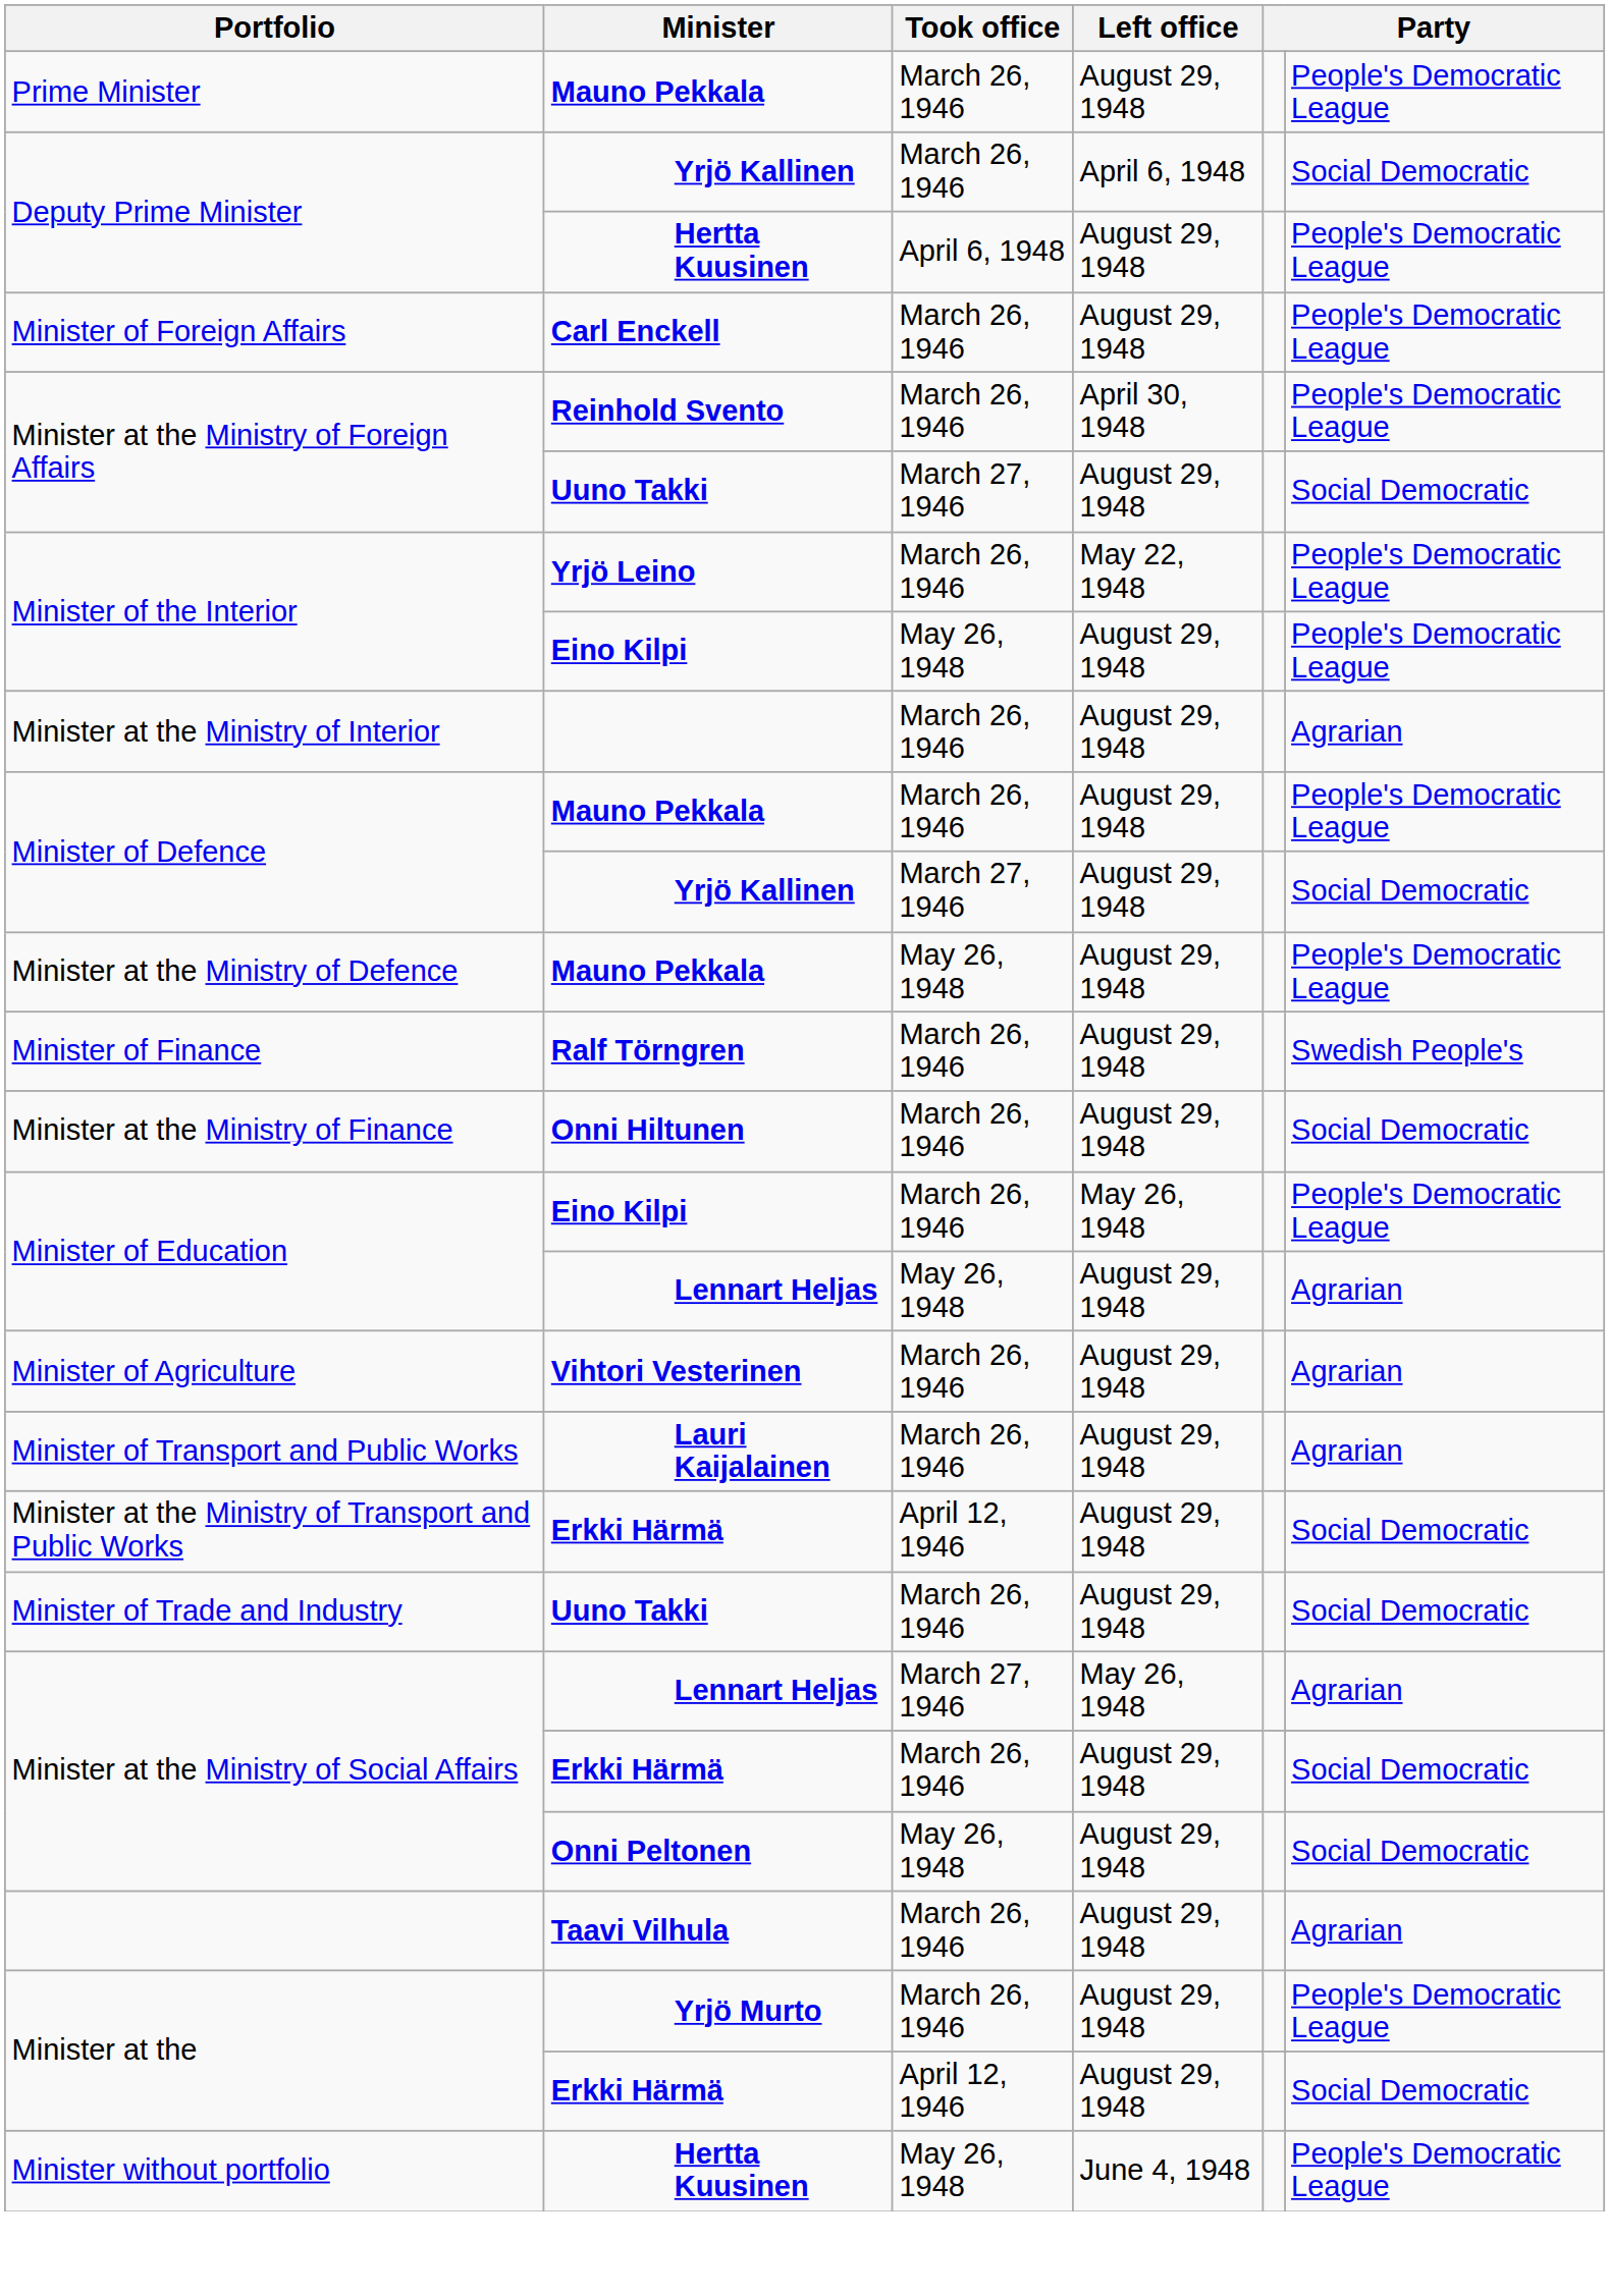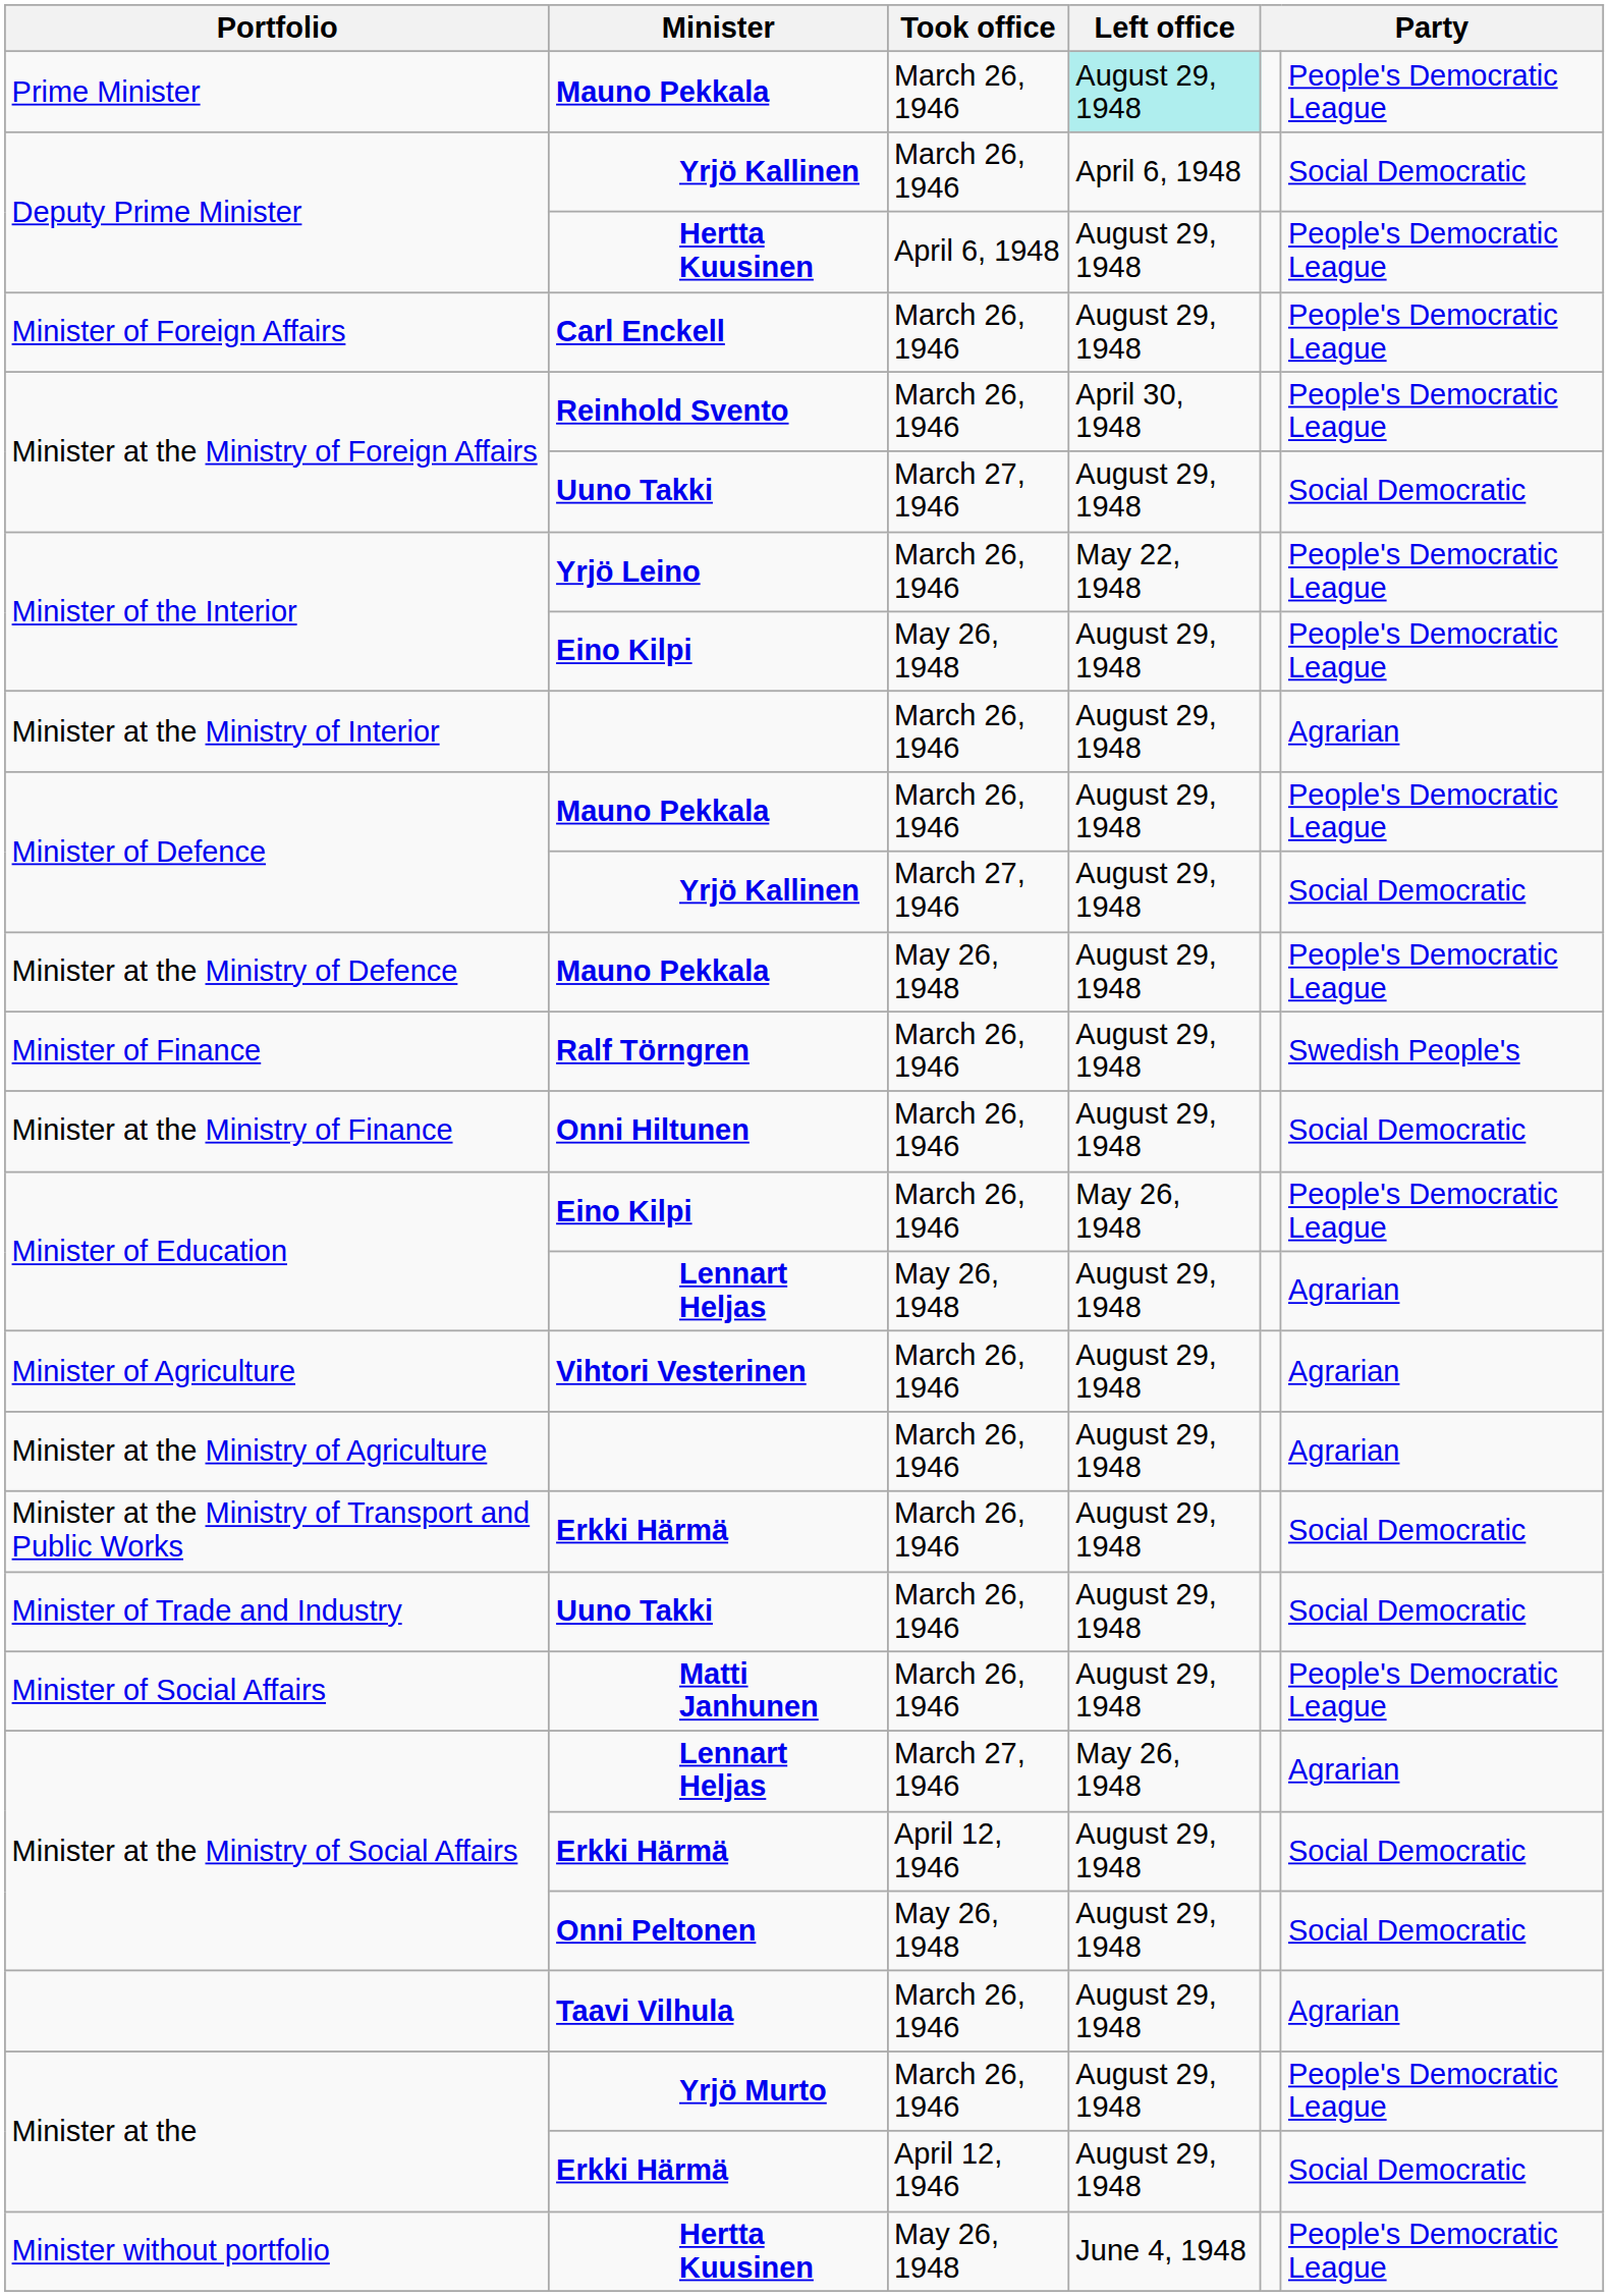 <table class=wikitable>
 <tr>
 <th>Portfolio</th>
 <th>Minister</th>
 <th>Took office</th>
 <th>Left office</th>
 <th colspan ="2">Party</th>
 </tr>
 <tr>
 <td align="left"><a href='#'>Prime Minister</a></td>
 <td align="left"> <strong><a href='#'>Mauno Pekkala</a></strong></td>
 <td>March 26, 1946</td>
-<td>August 29, 1948</td>
+<td style="background: paleturquoise;">August 29, 1948</td>
 <td style="width: 4px; background: "></td>
 <td><a href='#'>People's Democratic League</a></td>
 </tr>
 <tr>
 <td rowspan="2" align="left"><a href='#'>Deputy Prime Minister</a></td>
 <td style="padding-left:70px" align="left"><strong><a href='#'>Yrjö Kallinen</a></strong></td>
 <td>March 26, 1946</td>
 <td>April 6, 1948</td>
 <td style="width: 4px; background: "></td>
 <td><a href='#'>Social Democratic</a></td>
 </tr>
 <tr>
 <td style="padding-left:70px" align="left"><strong><a href='#'>Hertta Kuusinen</a></strong></td>
 <td>April 6, 1948</td>
 <td>August 29, 1948</td>
 <td style="width: 4px; background: "></td>
 <td><a href='#'>People's Democratic League</a></td>
 </tr>
 <tr>
 <td align="left"><a href='#'>Minister of Foreign Affairs</a></td>
 <td align="left"> <strong><a href='#'>Carl Enckell</a></strong></td>
 <td>March 26, 1946</td>
 <td>August 29, 1948</td>
 <td style="width: 4px; background: "></td>
 <td><a href='#'>People's Democratic League</a></td>
 </tr>
 <tr>
 <td rowspan="2" align="left">Minister at the <a href='#'>Ministry of Foreign Affairs</a></td>
 <td align="left"> <strong><a href='#'>Reinhold Svento</a></strong></td>
 <td>March 26, 1946</td>
 <td>April 30, 1948</td>
 <td style="width: 4px; background: "></td>
 <td><a href='#'>People's Democratic League</a></td>
 </tr>
 <tr>
 <td align="left"> <strong><a href='#'>Uuno Takki</a></strong></td>
 <td>March 27, 1946</td>
 <td>August 29, 1948</td>
 <td style="width: 4px; background: "></td>
 <td><a href='#'>Social Democratic</a></td>
 </tr>
 <tr>
 <td rowspan="2" align="left"><a href='#'>Minister of the Interior</a></td>
 <td align="left"> <strong><a href='#'>Yrjö Leino</a></strong></td>
 <td>March 26, 1946</td>
 <td>May 22, 1948</td>
 <td style="width: 4px; background: "></td>
 <td><a href='#'>People's Democratic League</a></td>
 </tr>
 <tr>
 <td align="left"> <strong><a href='#'>Eino Kilpi</a></strong></td>
 <td>May 26, 1948</td>
 <td>August 29, 1948</td>
 <td style="width: 4px; background: "></td>
 <td><a href='#'>People's Democratic League</a></td>
 </tr>
 <tr>
 <td align="left">Minister at the <a href='#'>Ministry of Interior</a></td>
 <td style="padding-left:70px" align="left"><strong></strong></td>
 <td>March 26, 1946</td>
 <td>August 29, 1948</td>
 <td style="width: 4px; background: "></td>
 <td><a href='#'>Agrarian</a></td>
 </tr>
 <tr>
 <td rowspan="2" align="left"><a href='#'>Minister of Defence</a></td>
 <td align="left"> <strong><a href='#'>Mauno Pekkala</a></strong></td>
 <td>March 26, 1946</td>
 <td>August 29, 1948</td>
 <td style="width: 4px; background: "></td>
 <td><a href='#'>People's Democratic League</a></td>
 </tr>
 <tr>
 <td style="padding-left:70px" align="left"><strong><a href='#'>Yrjö Kallinen</a></strong></td>
 <td>March 27, 1946</td>
 <td>August 29, 1948</td>
 <td style="width: 4px; background: "></td>
 <td><a href='#'>Social Democratic</a></td>
 </tr>
 <tr>
 <td align="left">Minister at the <a href='#'>Ministry of Defence</a></td>
 <td align="left"> <strong><a href='#'>Mauno Pekkala</a></strong></td>
 <td>May 26, 1948</td>
 <td>August 29, 1948</td>
 <td style="width: 4px; background: "></td>
 <td><a href='#'>People's Democratic League</a></td>
 </tr>
 <tr>
 <td align="left"><a href='#'>Minister of Finance</a></td>
 <td align="left"> <strong><a href='#'>Ralf Törngren</a></strong></td>
 <td>March 26, 1946</td>
 <td>August 29, 1948</td>
 <td style="width: 4px; background: "></td>
 <td><a href='#'>Swedish People's</a></td>
 </tr>
 <tr>
 <td align="left">Minister at the <a href='#'>Ministry of Finance</a></td>
 <td align="left"> <strong><a href='#'>Onni Hiltunen</a></strong></td>
 <td>March 26, 1946</td>
 <td>August 29, 1948</td>
 <td style="width: 4px; background: "></td>
 <td><a href='#'>Social Democratic</a></td>
 </tr>
 <tr>
 <td rowspan="2" align="left"><a href='#'>Minister of Education</a></td>
 <td align="left"> <strong><a href='#'>Eino Kilpi</a></strong></td>
 <td>March 26, 1946</td>
 <td>May 26, 1948</td>
 <td style="width: 4px; background: "></td>
 <td><a href='#'>People's Democratic League</a></td>
 </tr>
 <tr>
 <td style="padding-left:70px" align="left"><strong><a href='#'>Lennart Heljas</a></strong></td>
 <td>May 26, 1948</td>
 <td>August 29, 1948</td>
 <td style="width: 4px; background: "></td>
 <td><a href='#'>Agrarian</a></td>
 </tr>
 <tr>
 <td align="left"><a href='#'>Minister of Agriculture</a></td>
 <td align="left"> <strong><a href='#'>Vihtori Vesterinen</a></strong></td>
 <td>March 26, 1946</td>
 <td>August 29, 1948</td>
 <td style="width: 4px; background: "></td>
 <td><a href='#'>Agrarian</a></td>
 </tr>
 <tr>
-<td align="left"><a href='#'>Minister of Transport and Public Works</a></td>
-<td style="padding-left:70px" align="left"><strong><a href='#'>Lauri Kaijalainen</a></strong></td>
+<td align="left">Minister at the <a href='#'>Ministry of Agriculture</a></td>
+<td style="padding-left:70px" align="left"><strong></strong></td>
 <td>March 26, 1946</td>
 <td>August 29, 1948</td>
 <td style="width: 4px; background: "></td>
 <td><a href='#'>Agrarian</a></td>
 </tr>
 <tr>
 <td align="left">Minister at the <a href='#'>Ministry of Transport and Public Works</a></td>
 <td align="left"> <strong><a href='#'>Erkki Härmä</a></strong></td>
-<td>April 12, 1946</td>
+<td>March 26, 1946</td>
 <td>August 29, 1948</td>
 <td style="width: 4px; background: "></td>
 <td><a href='#'>Social Democratic</a></td>
 </tr>
 <tr>
 <td align="left"><a href='#'>Minister of Trade and Industry</a></td>
 <td align="left"> <strong><a href='#'>Uuno Takki</a></strong></td>
 <td>March 26, 1946</td>
 <td>August 29, 1948</td>
 <td style="width: 4px; background: "></td>
 <td><a href='#'>Social Democratic</a></td>
 </tr>
 <tr>
+<td align="left"><a href='#'>Minister of Social Affairs</a></td>
+<td style="padding-left:70px" align="left"><strong><a href='#'>Matti Janhunen</a></strong></td>
+<td>March 26, 1946</td>
+<td>August 29, 1948</td>
+<td style="width: 4px; background: "></td>
+<td><a href='#'>People's Democratic League</a></td>
+</tr>
+<tr>
 <td rowspan="3" align="left">Minister at the <a href='#'>Ministry of Social Affairs</a></td>
 <td style="padding-left:70px" align="left"><strong><a href='#'>Lennart Heljas</a></strong></td>
 <td>March 27, 1946</td>
 <td>May 26, 1948</td>
 <td style="width: 4px; background: "></td>
 <td><a href='#'>Agrarian</a></td>
 </tr>
 <tr>
 <td align="left"> <strong><a href='#'>Erkki Härmä</a></strong></td>
-<td>March 26, 1946</td>
+<td>April 12, 1946</td>
 <td>August 29, 1948</td>
 <td style="width: 4px; background: "></td>
 <td><a href='#'>Social Democratic</a></td>
 </tr>
 <tr>
 <td align="left"> <strong><a href='#'>Onni Peltonen</a></strong></td>
 <td>May 26, 1948</td>
 <td>August 29, 1948</td>
 <td style="width: 4px; background: "></td>
 <td><a href='#'>Social Democratic</a></td>
 </tr>
 <tr>
 <td align="left"></td>
 <td align="left"> <strong><a href='#'>Taavi Vilhula</a></strong></td>
 <td>March 26, 1946</td>
 <td>August 29, 1948</td>
 <td style="width: 4px; background: "></td>
 <td><a href='#'>Agrarian</a></td>
 </tr>
 <tr>
 <td rowspan="2" align="left">Minister at the </td>
 <td style="padding-left:70px" align="left"><strong><a href='#'>Yrjö Murto</a></strong></td>
 <td>March 26, 1946</td>
 <td>August 29, 1948</td>
 <td style="width: 4px; background: "></td>
 <td><a href='#'>People's Democratic League</a></td>
 </tr>
 <tr>
 <td align="left"> <strong><a href='#'>Erkki Härmä</a></strong></td>
 <td>April 12, 1946</td>
 <td>August 29, 1948</td>
 <td style="width: 4px; background: "></td>
 <td><a href='#'>Social Democratic</a></td>
 </tr>
 <tr>
 <td align="left"><a href='#'>Minister without portfolio</a></td>
 <td style="padding-left:70px" align="left"><strong><a href='#'>Hertta Kuusinen</a></strong></td>
 <td>May 26, 1948</td>
 <td>June 4, 1948</td>
 <td style="width: 4px; background: "></td>
 <td><a href='#'>People's Democratic League</a></td>
 </tr>
 <tr>
 </tr>
 </table>
